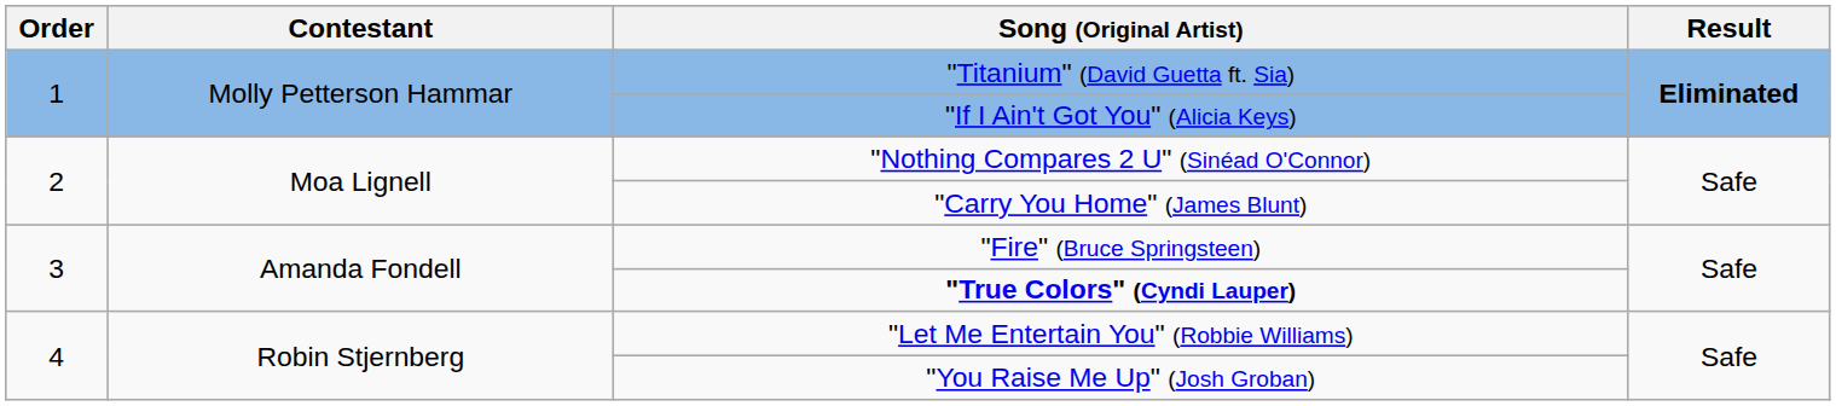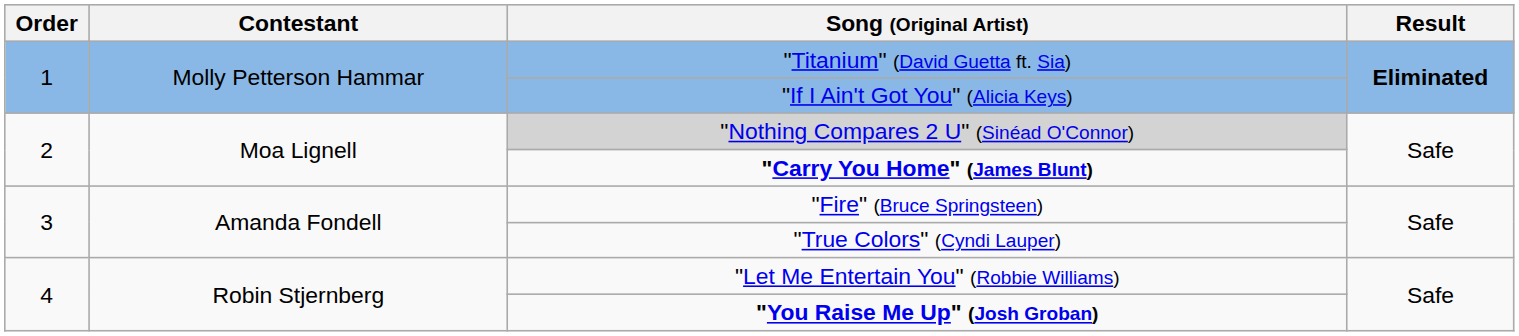 <table class="wikitable" style="font-size:90%; width:60%; text-align: center;">
 <tr>
 <th style="width:05%;">Order</th>
 <th style="width:25%;">Contestant</th>
 <th style="width:50%;">Song <small>(Original Artist)</small></th>
 <th style="width:10%;">Result</th>
 </tr>
 <tr style="background:#8ab8e6;">
 <td rowspan=2 style="text-align:center;">1</td>
 <td rowspan=2>Molly Petterson Hammar</td>
 <td>"<a href='#'>Titanium</a>" <small>(<a href='#'>David Guetta</a> ft. <a href='#'>Sia</a>)</small></td>
 <td rowspan=2><strong>Eliminated</strong></td>
 </tr>
 <tr style="background:#8ab8e6;">
 <td>"<a href='#'>If I Ain't Got You</a>" <small>(<a href='#'>Alicia Keys</a>)</small></td>
 </tr>
 <tr>
 <td rowspan=2 style="text-align:center;">2</td>
 <td rowspan=2>Moa Lignell</td>
-<td>"<a href='#'>Nothing Compares 2 U</a>" <small>(<a href='#'>Sinéad O'Connor</a>)</small></td>
+<td style="background: lightgrey;">"<a href='#'>Nothing Compares 2 U</a>" <small>(<a href='#'>Sinéad O'Connor</a>)</small></td>
 <td rowspan=2>Safe</td>
 </tr>
 <tr>
-<td>"<a href='#'>Carry You Home</a>" <small>(<a href='#'>James Blunt</a>)</small></td>
+<td><strong>"<a href='#'>Carry You Home</a>" <small>(<a href='#'>James Blunt</a>)</small></strong></td>
 </tr>
 <tr>
 <td rowspan=2 style="text-align:center;">3</td>
 <td rowspan=2>Amanda Fondell</td>
 <td>"<a href='#'>Fire</a>" <small>(<a href='#'>Bruce Springsteen</a>)</small></td>
 <td rowspan=2>Safe</td>
 </tr>
 <tr>
-<td><strong>"<a href='#'>True Colors</a>" <small>(<a href='#'>Cyndi Lauper</a>)</small></strong></td>
+<td>"<a href='#'>True Colors</a>" <small>(<a href='#'>Cyndi Lauper</a>)</small></td>
 </tr>
 <tr>
 <td rowspan=2 style="text-align:center;">4</td>
 <td rowspan=2>Robin Stjernberg</td>
 <td>"<a href='#'>Let Me Entertain You</a>" <small>(<a href='#'>Robbie Williams</a>)</small></td>
 <td rowspan=2>Safe</td>
 </tr>
 <tr>
-<td>"<a href='#'>You Raise Me Up</a>" <small>(<a href='#'>Josh Groban</a>)</small></td>
+<td><strong>"<a href='#'>You Raise Me Up</a>" <small>(<a href='#'>Josh Groban</a>)</small></strong></td>
 </tr>
 </table>
